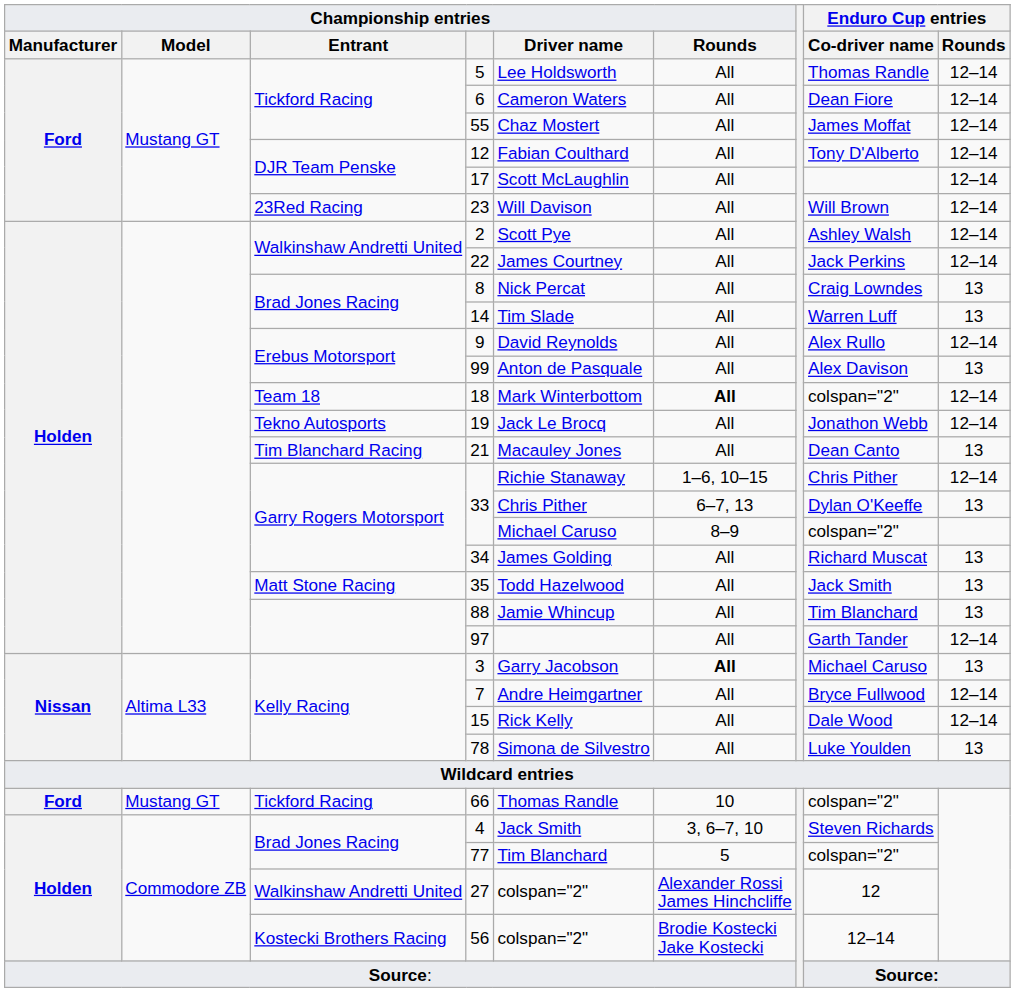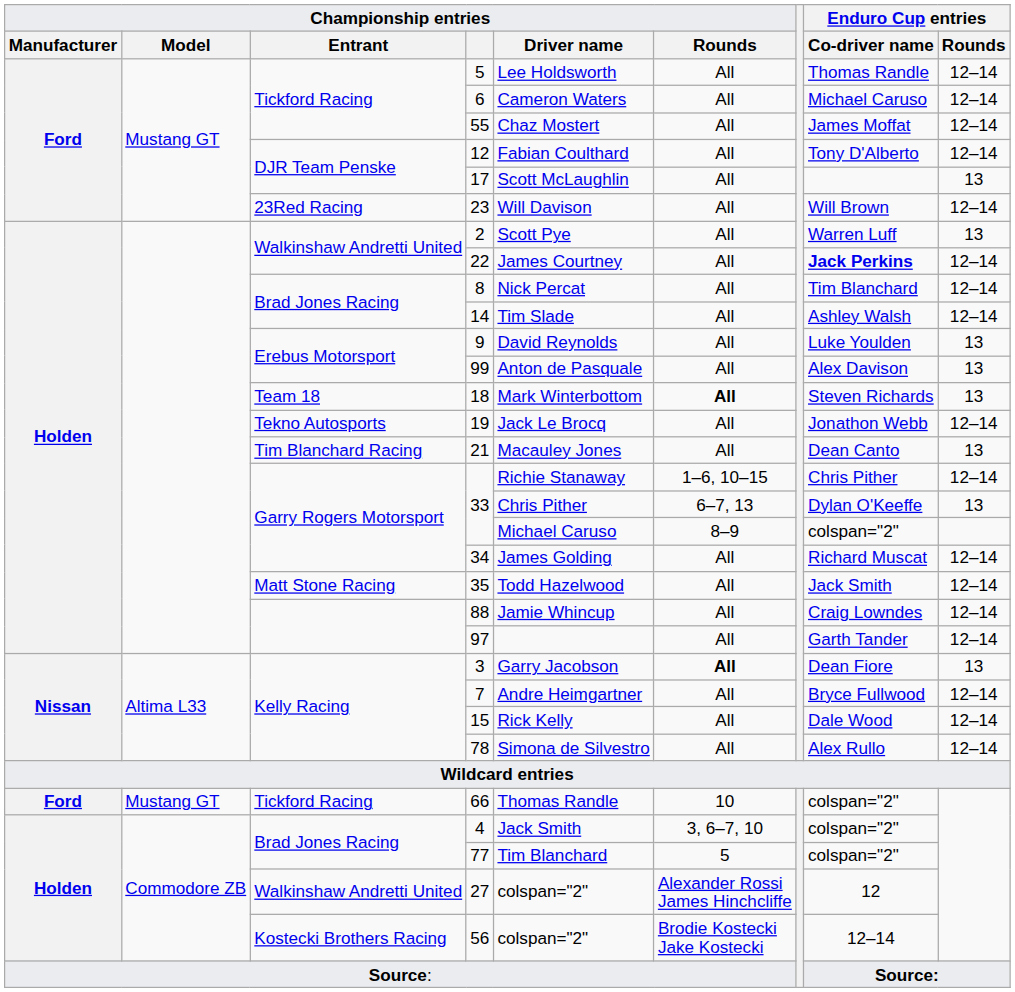 <table class="wikitable sortable" style="font-size: 85%">
 <tr>
 <td style="background:#eaecf0; text-align:center;" colspan="6"><strong>Championship entries</strong></td>
 <th rowspan="28"></th>
 <th colspan="2"><a href='#'>Enduro Cup</a> entries</th>
 </tr>
 <tr>
 <th>Manufacturer</th>
 <th>Model</th>
 <th>Entrant</th>
 <th valign="middle"></th>
 <th>Driver name</th>
 <th>Rounds</th>
 <th>Co-driver name</th>
 <th>Rounds</th>
 </tr>
 <tr>
 <th rowspan="6"><a href='#'>Ford</a></th>
 <td rowspan="6"><a href='#'>Mustang GT</a></td>
 <td rowspan="3"><a href='#'>Tickford Racing</a></td>
 <td align="center" id="5">5</td>
 <td> <a href='#'>Lee Holdsworth</a></td>
 <td align="center">All</td>
 <td> <a href='#'>Thomas Randle</a></td>
 <td align="center">12–14</td>
 </tr>
 <tr>
 <td align="center" id="6">6</td>
 <td> <a href='#'>Cameron Waters</a></td>
 <td align="center">All</td>
-<td> <a href='#'>Dean Fiore</a></td>
+<td> <a href='#'>Michael Caruso</a></td>
 <td align="center">12–14</td>
 </tr>
 <tr>
 <td align="center" id="55">55</td>
 <td> <a href='#'>Chaz Mostert</a></td>
 <td align="center">All</td>
 <td> <a href='#'>James Moffat</a></td>
 <td align="center">12–14</td>
 </tr>
 <tr>
 <td rowspan="2"><a href='#'>DJR Team Penske</a></td>
 <td align="center" id="12">12</td>
 <td> <a href='#'>Fabian Coulthard</a></td>
 <td align="center">All</td>
 <td> <a href='#'>Tony D'Alberto</a></td>
 <td align="center">12–14</td>
 </tr>
 <tr>
 <td align="center" id="17">17</td>
 <td> <a href='#'>Scott McLaughlin</a></td>
 <td align="center">All</td>
 <td></td>
-<td align="center">12–14</td>
+<td align="center">13</td>
 </tr>
 <tr>
 <td><a href='#'>23Red Racing</a></td>
 <td align="center" id="23">23</td>
 <td> <a href='#'>Will Davison</a></td>
 <td align="center">All</td>
 <td> <a href='#'>Will Brown</a></td>
 <td align="center">12–14</td>
 </tr>
 <tr>
 <th rowspan="16"><a href='#'>Holden</a></th>
 <td rowspan="16"></td>
 <td rowspan="2"><a href='#'>Walkinshaw Andretti United</a></td>
 <td align="center" id="2">2</td>
 <td> <a href='#'>Scott Pye</a></td>
 <td align="center">All</td>
-<td> <a href='#'>Ashley Walsh</a></td>
-<td align="center">12–14</td>
+<td> <a href='#'>Warren Luff</a></td>
+<td align="center">13</td>
 </tr>
 <tr>
 <td align="center" id="22">22</td>
 <td> <a href='#'>James Courtney</a></td>
 <td align="center">All</td>
-<td> <a href='#'>Jack Perkins</a></td>
+<td><strong> <a href='#'>Jack Perkins</a></strong></td>
 <td align="center">12–14</td>
 </tr>
 <tr>
 <td rowspan="2"><a href='#'>Brad Jones Racing</a></td>
 <td align="center" id="8">8</td>
 <td> <a href='#'>Nick Percat</a></td>
 <td align="center">All</td>
-<td> <a href='#'>Craig Lowndes</a></td>
-<td align="center">13</td>
+<td> <a href='#'>Tim Blanchard</a></td>
+<td align="center">12–14</td>
 </tr>
 <tr>
 <td align="center" id="14">14</td>
 <td> <a href='#'>Tim Slade</a></td>
 <td align="center">All</td>
-<td> <a href='#'>Warren Luff</a></td>
-<td align="center">13</td>
+<td> <a href='#'>Ashley Walsh</a></td>
+<td align="center">12–14</td>
 </tr>
 <tr>
 <td rowspan="2"><a href='#'>Erebus Motorsport</a></td>
 <td align="center" id="9">9</td>
 <td> <a href='#'>David Reynolds</a></td>
 <td align="center">All</td>
-<td> <a href='#'>Alex Rullo</a></td>
-<td align="center">12–14</td>
+<td> <a href='#'>Luke Youlden</a></td>
+<td align="center">13</td>
 </tr>
 <tr>
 <td align="center" id="99">99</td>
 <td> <a href='#'>Anton de Pasquale</a></td>
 <td align="center">All</td>
 <td> <a href='#'>Alex Davison</a></td>
 <td align="center">13</td>
 </tr>
 <tr>
 <td><a href='#'>Team 18</a></td>
 <td align="center" id="18">18</td>
 <td> <a href='#'>Mark Winterbottom</a></td>
 <td align="center"><strong>All</strong></td>
-<td>colspan="2" </td>
-<td align="center">12–14</td>
+<td> <a href='#'>Steven Richards</a></td>
+<td align="center">13</td>
 </tr>
 <tr>
 <td><a href='#'>Tekno Autosports</a></td>
 <td align="center" id="19">19</td>
 <td> <a href='#'>Jack Le Brocq</a></td>
 <td align="center">All</td>
 <td> <a href='#'>Jonathon Webb</a></td>
 <td align="center">12–14</td>
 </tr>
 <tr>
 <td><a href='#'>Tim Blanchard Racing</a></td>
 <td align="center" id="21">21</td>
 <td> <a href='#'>Macauley Jones</a></td>
 <td align="center">All</td>
 <td> <a href='#'>Dean Canto</a></td>
 <td align="center">13</td>
 </tr>
 <tr>
 <td rowspan="4"><a href='#'>Garry Rogers Motorsport</a></td>
 <td rowspan="3" align="center" id="33">33</td>
 <td> <a href='#'>Richie Stanaway</a></td>
 <td align="center" nowrap>1–6, 10–15</td>
 <td> <a href='#'>Chris Pither</a></td>
 <td align="center">12–14</td>
 </tr>
 <tr>
 <td> <a href='#'>Chris Pither</a></td>
 <td align="center">6–7, 13</td>
 <td> <a href='#'>Dylan O'Keeffe</a></td>
 <td align="center">13</td>
 </tr>
 <tr>
 <td> <a href='#'>Michael Caruso</a></td>
 <td align="center">8–9</td>
 <td>colspan="2" </td>
 </tr>
 <tr>
 <td align="center" id="34">34</td>
 <td> <a href='#'>James Golding</a></td>
 <td align="center">All</td>
 <td> <a href='#'>Richard Muscat</a></td>
-<td align="center">13</td>
+<td align="center">12–14</td>
 </tr>
 <tr>
 <td><a href='#'>Matt Stone Racing</a></td>
 <td align="center" id="35">35</td>
 <td> <a href='#'>Todd Hazelwood</a></td>
 <td align="center">All</td>
 <td> <a href='#'>Jack Smith</a></td>
-<td align="center">13</td>
+<td align="center">12–14</td>
 </tr>
 <tr>
 <td rowspan="2"></td>
 <td align="center" id="88">88</td>
 <td> <a href='#'>Jamie Whincup</a></td>
 <td align="center">All</td>
-<td> <a href='#'>Tim Blanchard</a></td>
-<td align="center">13</td>
+<td> <a href='#'>Craig Lowndes</a></td>
+<td align="center">12–14</td>
 </tr>
 <tr>
 <td align="center" id="97">97</td>
 <td></td>
 <td align="center">All</td>
 <td> <a href='#'>Garth Tander</a></td>
 <td align="center">12–14</td>
 </tr>
 <tr>
 <th rowspan="4"><a href='#'>Nissan</a></th>
 <td rowspan="4"><a href='#'>Altima L33</a></td>
 <td rowspan="4"><a href='#'>Kelly Racing</a></td>
 <td align="center" id="3">3</td>
 <td> <a href='#'>Garry Jacobson</a></td>
 <td align="center"><strong>All</strong></td>
-<td> <a href='#'>Michael Caruso</a></td>
+<td> <a href='#'>Dean Fiore</a></td>
 <td align="center">13</td>
 </tr>
 <tr>
 <td align="center" id="7">7</td>
 <td> <a href='#'>Andre Heimgartner</a></td>
 <td align="center">All</td>
 <td> <a href='#'>Bryce Fullwood</a></td>
 <td align="center">12–14</td>
 </tr>
 <tr>
 <td align="center" id="15">15</td>
 <td> <a href='#'>Rick Kelly</a></td>
 <td align="center">All</td>
 <td> <a href='#'>Dale Wood</a></td>
 <td align="center">12–14</td>
 </tr>
 <tr>
 <td align="center" id="78">78</td>
 <td> <a href='#'>Simona de Silvestro</a></td>
 <td align="center">All</td>
-<td> <a href='#'>Luke Youlden</a></td>
-<td align="center">13</td>
+<td> <a href='#'>Alex Rullo</a></td>
+<td align="center">12–14</td>
 </tr>
 <tr>
 <td colspan="9" style="background:#eaecf0; text-align:center;"><strong>Wildcard entries</strong></td>
 </tr>
 <tr>
 <th><a href='#'>Ford</a></th>
 <td><a href='#'>Mustang GT</a></td>
 <td><a href='#'>Tickford Racing</a></td>
 <td align="center" id="66">66</td>
 <td> <a href='#'>Thomas Randle</a></td>
 <td align="center">10</td>
 <th rowspan="6"></th>
 <td>colspan="2" </td>
 </tr>
 <tr>
 <th rowspan="4"><a href='#'>Holden</a></th>
 <td rowspan="4"><a href='#'>Commodore ZB</a></td>
 <td rowspan="2"><a href='#'>Brad Jones Racing</a></td>
 <td align="center" id="4">4</td>
 <td> <a href='#'>Jack Smith</a></td>
 <td align="center">3, 6–7, 10</td>
-<td> <a href='#'>Steven Richards</a></td>
+<td>colspan="2" </td>
 </tr>
 <tr>
 <td align="center" id="77">77</td>
 <td> <a href='#'>Tim Blanchard</a></td>
 <td align="center">5</td>
 <td>colspan="2" </td>
 </tr>
 <tr>
 <td><a href='#'>Walkinshaw Andretti United</a></td>
 <td align="center" id="27">27</td>
 <td>colspan="2" </td>
 <td> <a href='#'>Alexander Rossi</a><br> <a href='#'>James Hinchcliffe</a></td>
 <td align="center">12</td>
 </tr>
 <tr>
 <td><a href='#'>Kostecki Brothers Racing</a></td>
 <td align="center" id="56">56</td>
 <td>colspan="2" </td>
 <td> <a href='#'>Brodie Kostecki</a><br> <a href='#'>Jake Kostecki</a></td>
 <td align="center">12–14</td>
 </tr>
 <tr>
 <td style="background:#eaecf0; text-align:center;" colspan="6"><strong>Source</strong>:</td>
 <td style="background:#eaecf0; text-align:center;"  colspan="2"><strong>Source:</strong></td>
 </tr>
 </table>
